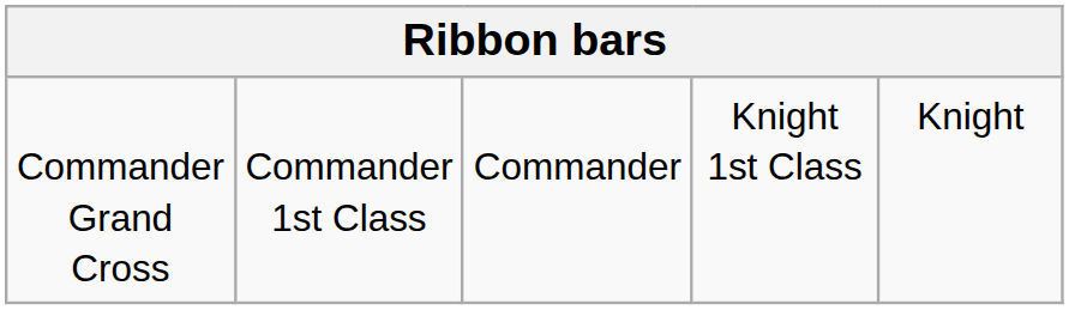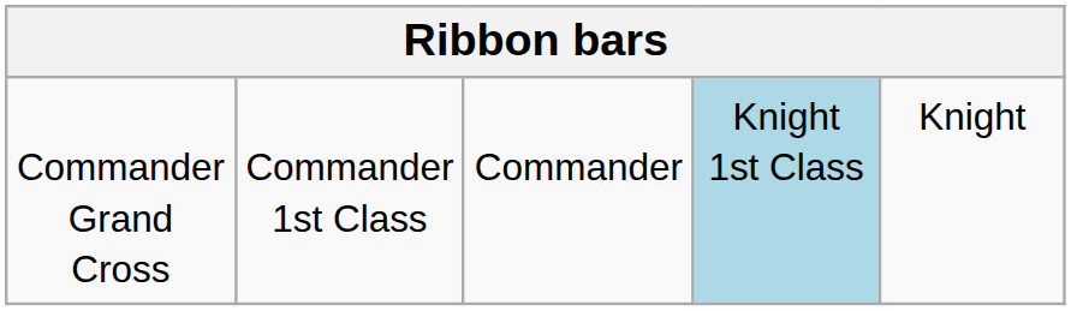 <table class="wikitable" align="center" width="60%">
 <tr>
 <th colspan="5">Ribbon bars</th>
 </tr>
 <tr>
 <td width="20%" valign="top" align="center"><br><small>Commander Grand Cross</small></td>
 <td width="20%" valign="top" align="center"><br><small>Commander 1st Class</small></td>
 <td width="20%" valign="top" align="center"><br><small>Commander</small></td>
-<td width="20%" valign="top" align="center"><small>Knight 1st Class</small></td>
+<td width="20%" valign="top" align="center" style="background: lightblue;"><small>Knight 1st Class</small></td>
 <td width="20%" valign="top" align="center"><small>Knight</small></td>
 </tr>
 </table>
